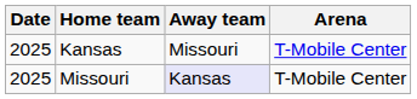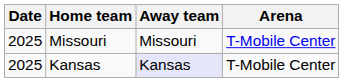 <table class="wikitable">
 <tr>
 <th>Date</th>
 <th>Home team</th>
 <th>Away team</th>
 <th>Arena</th>
 </tr>
 <tr>
 <td>2025</td>
-<td>Kansas</td>
+<td>Missouri</td>
 <td>Missouri</td>
 <td><a href='#'>T-Mobile Center</a></td>
 </tr>
 <tr>
 <td>2025</td>
-<td>Missouri</td>
+<td>Kansas</td>
 <td style="background: lavender;">Kansas</td>
 <td>T-Mobile Center</td>
 </tr>
 </table>
